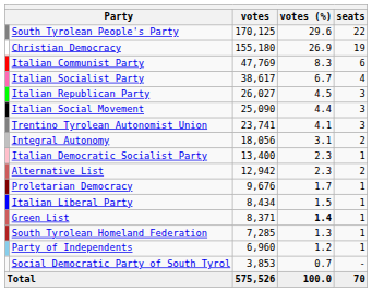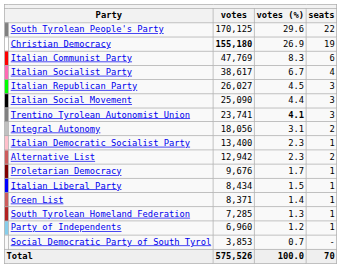 <table class="wikitable" style="font-size:95%; text-align:right;">
 <tr>
 <th colspan=5></th>
 </tr>
 <tr>
 <th colspan=2>Party</th>
 <th>votes</th>
 <th>votes (%)</th>
 <th>seats</th>
 </tr>
 <tr>
 <td bgcolor=Gray></td>
 <td align=left><a href='#'>South Tyrolean People's Party</a></td>
 <td>170,125</td>
 <td>29.6</td>
 <td>22</td>
 </tr>
 <tr>
 <td bgcolor=White></td>
 <td align=left><a href='#'>Christian Democracy</a></td>
-<td>155,180</td>
+<td><strong>155,180</strong></td>
 <td>26.9</td>
 <td>19</td>
 </tr>
 <tr>
 <td bgcolor=Red></td>
 <td align=left><a href='#'>Italian Communist Party</a></td>
 <td>47,769</td>
 <td>8.3</td>
 <td>6</td>
 </tr>
 <tr>
 <td bgcolor=Hotpink></td>
 <td align=left><a href='#'>Italian Socialist Party</a></td>
 <td>38,617</td>
 <td>6.7</td>
 <td>4</td>
 </tr>
 <tr>
 <td bgcolor=Lime></td>
 <td align=left><a href='#'>Italian Republican Party</a></td>
 <td>26,027</td>
 <td>4.5</td>
 <td>3</td>
 </tr>
 <tr>
 <td bgcolor=Black></td>
 <td align=left><a href='#'>Italian Social Movement</a></td>
 <td>25,090</td>
 <td>4.4</td>
 <td>3</td>
 </tr>
 <tr>
 <td bgcolor=Gray></td>
 <td align=left><a href='#'>Trentino Tyrolean Autonomist Union</a></td>
 <td>23,741</td>
-<td>4.1</td>
+<td><strong>4.1</strong></td>
 <td>3</td>
 </tr>
 <tr>
 <td bgcolor=Silver></td>
 <td align=left><a href='#'>Integral Autonomy</a></td>
 <td>18,056</td>
 <td>3.1</td>
 <td>2</td>
 </tr>
 <tr>
 <td bgcolor=Pink></td>
 <td align=left><a href='#'>Italian Democratic Socialist Party</a></td>
 <td>13,400</td>
 <td>2.3</td>
 <td>1</td>
 </tr>
 <tr>
 <td bgcolor=Indianred></td>
 <td align=left><a href='#'>Alternative List</a></td>
 <td>12,942</td>
 <td>2.3</td>
 <td>2</td>
 </tr>
 <tr>
 <td bgcolor=Maroon></td>
 <td align=left><a href='#'>Proletarian Democracy</a></td>
 <td>9,676</td>
 <td>1.7</td>
 <td>1</td>
 </tr>
 <tr>
 <td bgcolor=Blue></td>
 <td align=left><a href='#'>Italian Liberal Party</a></td>
 <td>8,434</td>
 <td>1.5</td>
 <td>1</td>
 </tr>
 <tr>
 <td bgcolor=Indianred></td>
 <td align=left><a href='#'>Green List</a></td>
 <td>8,371</td>
-<td><strong>1.4</strong></td>
+<td>1.4</td>
 <td>1</td>
 </tr>
 <tr>
 <td bgcolor=Firebrick></td>
 <td align=left><a href='#'>South Tyrolean Homeland Federation</a></td>
 <td>7,285</td>
 <td>1.3</td>
 <td>1</td>
 </tr>
 <tr>
 <td bgcolor=Skyblue></td>
 <td align=left><a href='#'>Party of Independents</a></td>
 <td>6,960</td>
 <td>1.2</td>
 <td>1</td>
 </tr>
 <tr>
 <td bgcolor=></td>
 <td align=left><a href='#'>Social Democratic Party of South Tyrol</a></td>
 <td>3,853</td>
 <td>0.7</td>
 <td>-</td>
 </tr>
 <tr bgcolor="EFEFEF">
 <td align=left colspan=2><strong>Total</strong></td>
 <td><strong>575,526</strong></td>
 <td><strong>100.0</strong></td>
 <td><strong>70</strong></td>
 </tr>
 </table>
